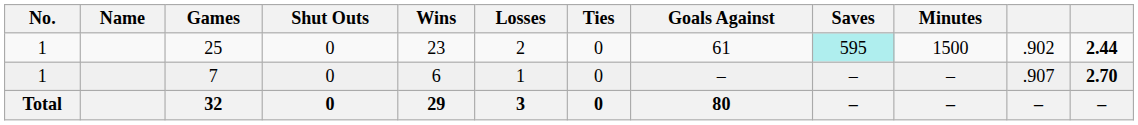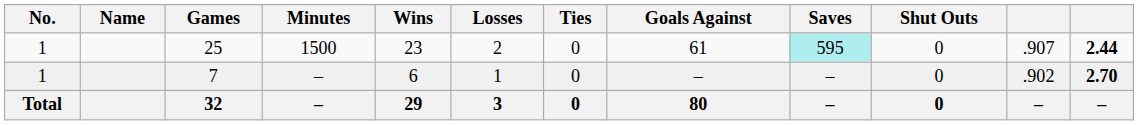 <table class="wikitable sortable" width ="1000">
 <tr align="center">
 <th><strong>No.</strong></th>
 <th><strong>Name</strong></th>
 <th><strong>Games</strong></th>
-<th><strong>Shut Outs</strong></th>
+<th><strong>Minutes</strong></th>
 <th><strong>Wins</strong></th>
 <th><strong>Losses</strong></th>
 <th><strong>Ties</strong></th>
 <th><strong>Goals Against</strong></th>
 <th><strong>Saves</strong></th>
-<th><strong>Minutes</strong></th>
+<th><strong>Shut Outs</strong></th>
 <th><strong><a href='#'></a></strong></th>
 <th><strong><a href='#'></a></strong></th>
 </tr>
 <tr align="center">
 <td>1</td>
 <td></td>
 <td>25</td>
-<td>0</td>
+<td>1500</td>
 <td>23</td>
 <td>2</td>
 <td>0</td>
 <td>61</td>
 <td style="background: paleturquoise;">595</td>
-<td>1500</td>
-<td>.902</td>
+<td>0</td>
+<td>.907</td>
 <td><strong>2.44</strong></td>
 </tr>
 <tr align="center" bgcolor="#f0f0f0">
 <td>1</td>
 <td></td>
 <td>7</td>
-<td>0</td>
+<td>–</td>
 <td>6</td>
 <td>1</td>
 <td>0</td>
 <td>–</td>
 <td>–</td>
-<td>–</td>
-<td>.907</td>
+<td>0</td>
+<td>.902</td>
 <td><strong>2.70</strong></td>
 </tr>
 <tr>
 <th>Total</th>
 <th></th>
 <th>32</th>
-<th>0</th>
+<th>–</th>
 <th>29</th>
 <th>3</th>
 <th>0</th>
 <th>80</th>
 <th>–</th>
-<th>–</th>
+<th>0</th>
 <th>–</th>
 <th>–</th>
 </tr>
 </table>
